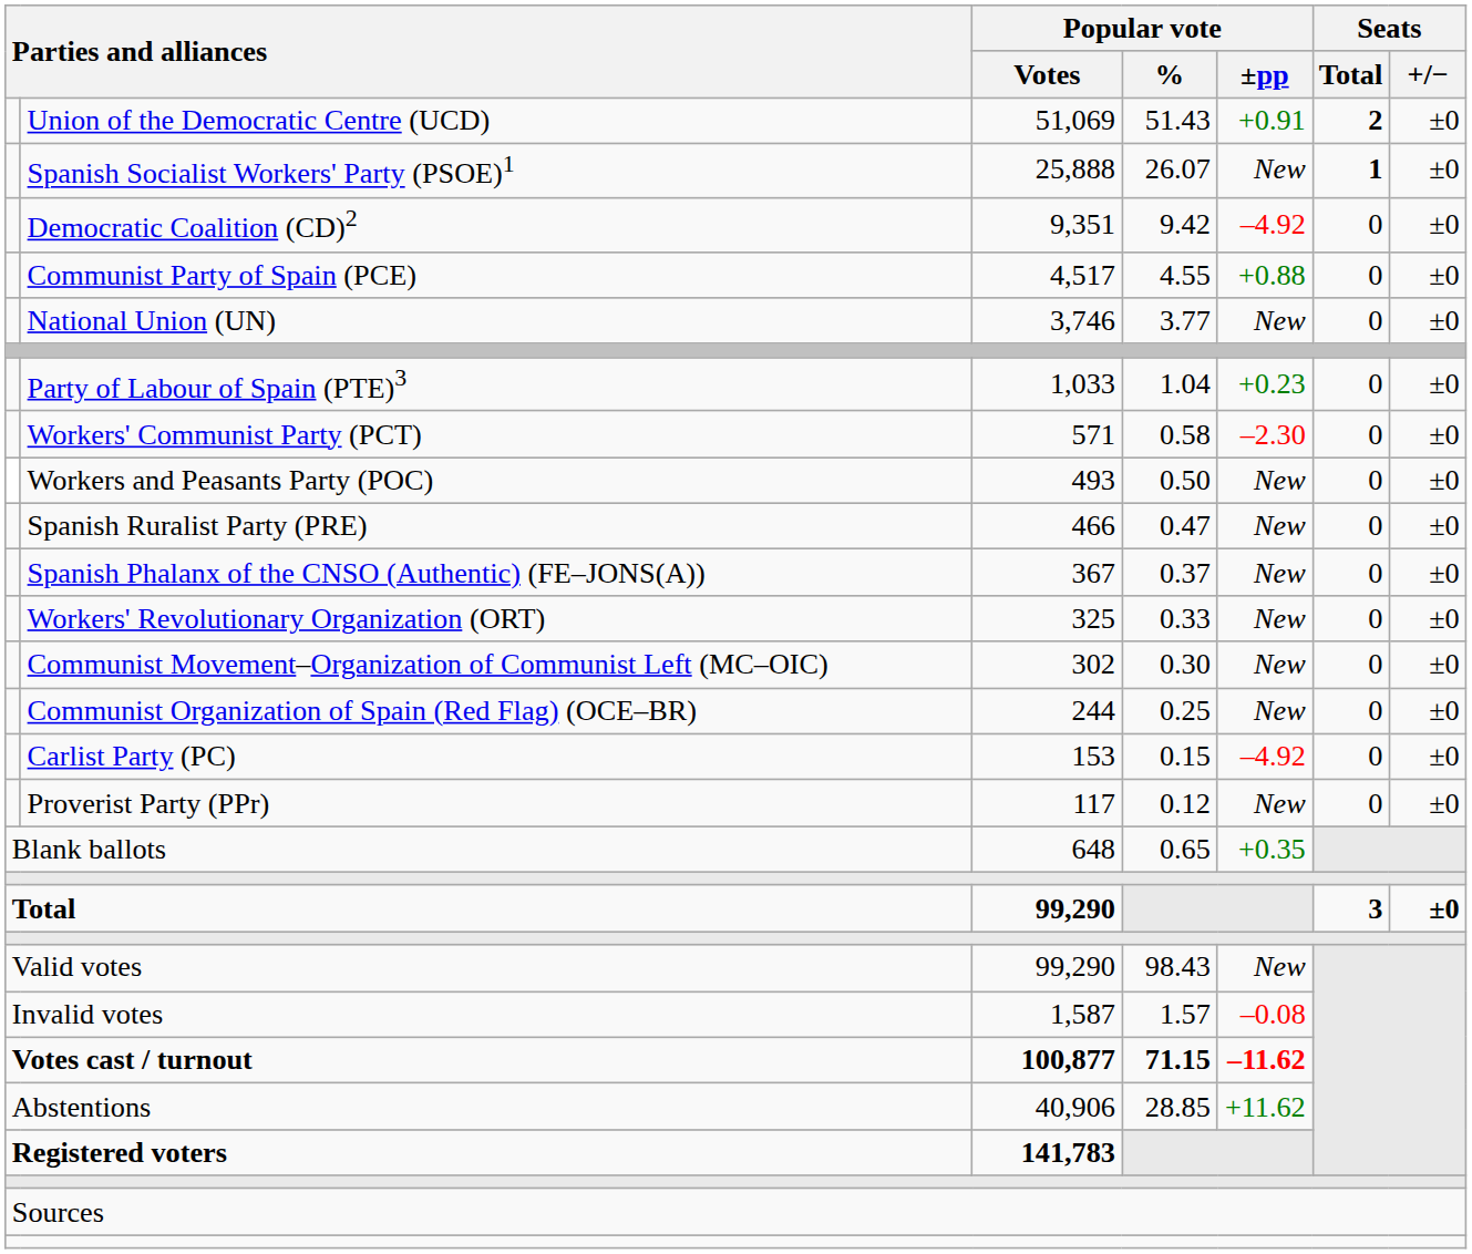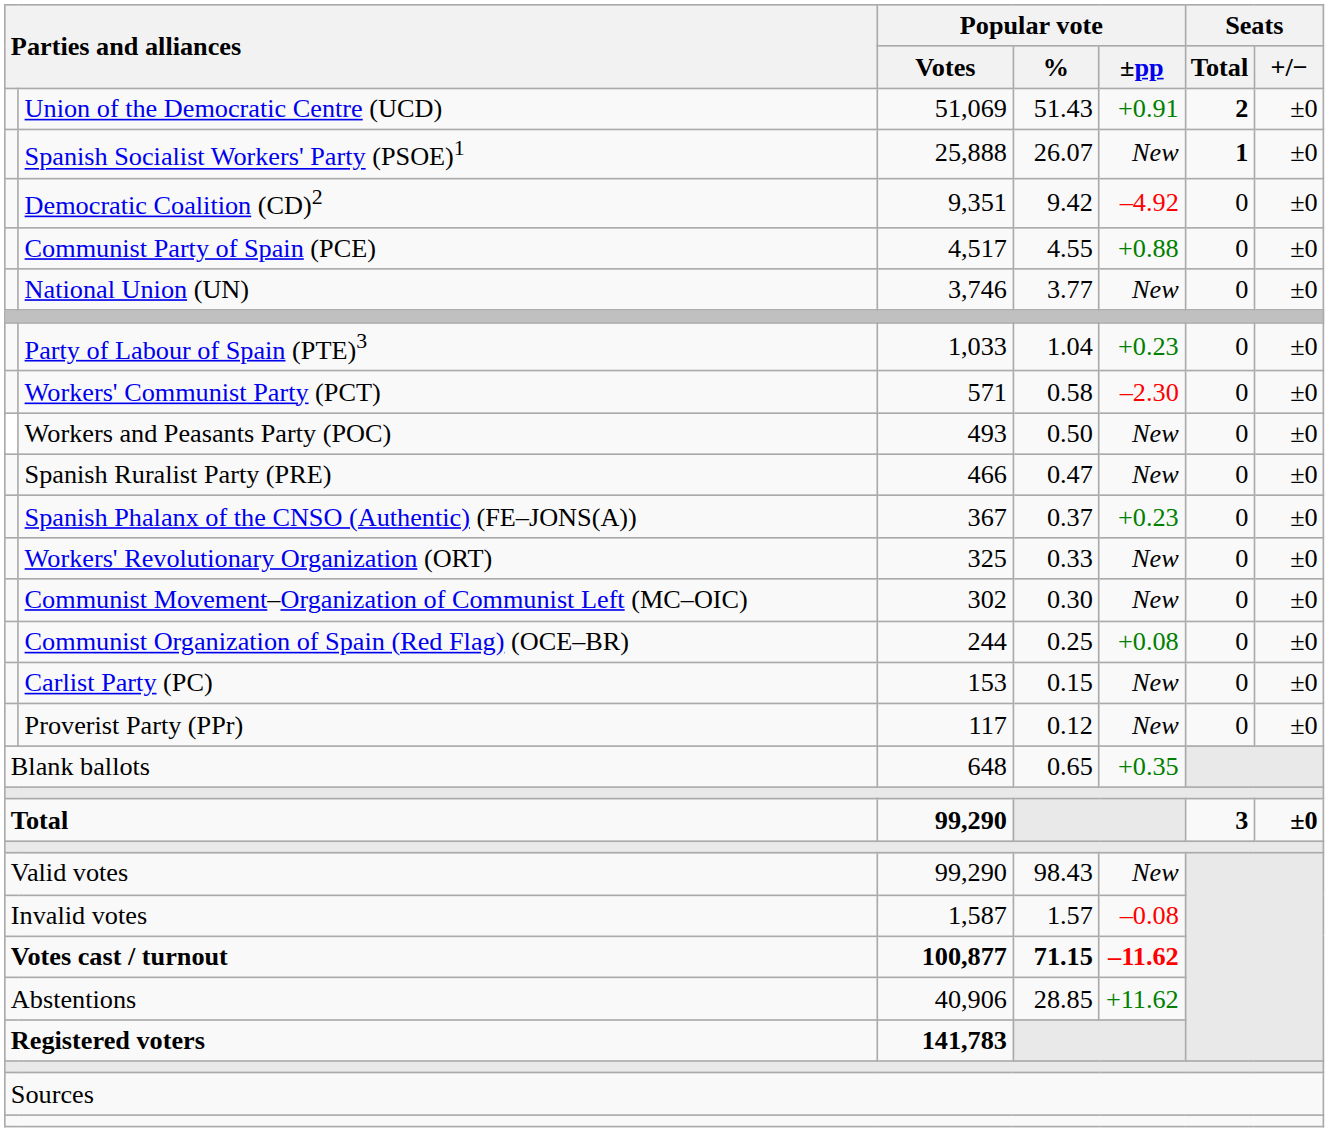 <table class="wikitable" style="text-align:right;">
 <tr>
 <th style="text-align:left;" rowspan="2" colspan="2" width="525">Parties and alliances</th>
 <th colspan="3">Popular vote</th>
 <th colspan="2">Seats</th>
 </tr>
 <tr>
 <th width="75">Votes</th>
 <th width="45">%</th>
 <th width="45">±<a href='#'>pp</a></th>
 <th width="35">Total</th>
 <th width="35">+/−</th>
 </tr>
 <tr>
 <td width="1" style="color:inherit;background:"></td>
 <td align="left"><a href='#'>Union of the Democratic Centre</a> (UCD)</td>
 <td>51,069</td>
 <td>51.43</td>
 <td style="color:green;">+0.91</td>
 <td><strong>2</strong></td>
 <td>±0</td>
 </tr>
 <tr>
 <td style="color:inherit;background:"></td>
 <td align="left"><a href='#'>Spanish Socialist Workers' Party</a> (PSOE)<sup>1</sup></td>
 <td>25,888</td>
 <td>26.07</td>
 <td><em>New</em></td>
 <td><strong>1</strong></td>
 <td>±0</td>
 </tr>
 <tr>
 <td style="color:inherit;background:"></td>
 <td align="left"><a href='#'>Democratic Coalition</a> (CD)<sup>2</sup></td>
 <td>9,351</td>
 <td>9.42</td>
 <td style="color:red;">–4.92</td>
 <td>0</td>
 <td>±0</td>
 </tr>
 <tr>
 <td style="color:inherit;background:"></td>
 <td align="left"><a href='#'>Communist Party of Spain</a> (PCE)</td>
 <td>4,517</td>
 <td>4.55</td>
 <td style="color:green;">+0.88</td>
 <td>0</td>
 <td>±0</td>
 </tr>
 <tr>
 <td style="color:inherit;background:"></td>
 <td align="left"><a href='#'>National Union</a> (UN)</td>
 <td>3,746</td>
 <td>3.77</td>
 <td><em>New</em></td>
 <td>0</td>
 <td>±0</td>
 </tr>
 <tr>
 <td colspan="7" bgcolor="#C0C0C0"></td>
 </tr>
 <tr>
 <td style="color:inherit;background:"></td>
 <td align="left"><a href='#'>Party of Labour of Spain</a> (PTE)<sup>3</sup></td>
 <td>1,033</td>
 <td>1.04</td>
 <td style="color:green;">+0.23</td>
 <td>0</td>
 <td>±0</td>
 </tr>
 <tr>
 <td style="color:inherit;background:"></td>
 <td align="left"><a href='#'>Workers' Communist Party</a> (PCT)</td>
 <td>571</td>
 <td>0.58</td>
 <td style="color:red;">–2.30</td>
 <td>0</td>
 <td>±0</td>
 </tr>
 <tr>
 <td bgcolor="white"></td>
 <td align="left">Workers and Peasants Party (POC)</td>
 <td>493</td>
 <td>0.50</td>
 <td><em>New</em></td>
 <td>0</td>
 <td>±0</td>
 </tr>
 <tr>
 <td style="color:inherit;background:"></td>
 <td align="left">Spanish Ruralist Party (PRE)</td>
 <td>466</td>
 <td>0.47</td>
 <td><em>New</em></td>
 <td>0</td>
 <td>±0</td>
 </tr>
 <tr>
 <td style="color:inherit;background:"></td>
 <td align="left"><a href='#'>Spanish Phalanx of the CNSO (Authentic)</a> (FE–JONS(A))</td>
 <td>367</td>
 <td>0.37</td>
-<td><em>New</em></td>
+<td style="color:green;">+0.23</td>
 <td>0</td>
 <td>±0</td>
 </tr>
 <tr>
 <td style="color:inherit;background:"></td>
 <td align="left"><a href='#'>Workers' Revolutionary Organization</a> (ORT)</td>
 <td>325</td>
 <td>0.33</td>
 <td><em>New</em></td>
 <td>0</td>
 <td>±0</td>
 </tr>
 <tr>
 <td style="color:inherit;background:"></td>
 <td align="left"><a href='#'>Communist Movement</a>–<a href='#'>Organization of Communist Left</a> (MC–OIC)</td>
 <td>302</td>
 <td>0.30</td>
 <td><em>New</em></td>
 <td>0</td>
 <td>±0</td>
 </tr>
 <tr>
 <td style="color:inherit;background:"></td>
 <td align="left"><a href='#'>Communist Organization of Spain (Red Flag)</a> (OCE–BR)</td>
 <td>244</td>
 <td>0.25</td>
-<td><em>New</em></td>
+<td style="color:green;">+0.08</td>
 <td>0</td>
 <td>±0</td>
 </tr>
 <tr>
 <td style="color:inherit;background:"></td>
 <td align="left"><a href='#'>Carlist Party</a> (PC)</td>
 <td>153</td>
 <td>0.15</td>
-<td style="color:red;">–4.92</td>
+<td><em>New</em></td>
 <td>0</td>
 <td>±0</td>
 </tr>
 <tr>
 <td style="color:inherit;background:"></td>
 <td align="left">Proverist Party (PPr)</td>
 <td>117</td>
 <td>0.12</td>
 <td><em>New</em></td>
 <td>0</td>
 <td>±0</td>
 </tr>
 <tr>
 <td align="left" colspan="2">Blank ballots</td>
 <td>648</td>
 <td>0.65</td>
 <td style="color:green;">+0.35</td>
 <td bgcolor="#E9E9E9" colspan="2"></td>
 </tr>
 <tr>
 <td colspan="7" bgcolor="#E9E9E9"></td>
 </tr>
 <tr style="font-weight:bold;">
 <td align="left" colspan="2">Total</td>
 <td>99,290</td>
 <td bgcolor="#E9E9E9" colspan="2"></td>
 <td>3</td>
 <td>±0</td>
 </tr>
 <tr>
 <td colspan="7" bgcolor="#E9E9E9"></td>
 </tr>
 <tr>
 <td align="left" colspan="2">Valid votes</td>
 <td>99,290</td>
 <td>98.43</td>
 <td><em>New</em></td>
 <td bgcolor="#E9E9E9" colspan="2" rowspan="5"></td>
 </tr>
 <tr>
 <td align="left" colspan="2">Invalid votes</td>
 <td>1,587</td>
 <td>1.57</td>
 <td style="color:red;">–0.08</td>
 </tr>
 <tr style="font-weight:bold;">
 <td align="left" colspan="2">Votes cast / turnout</td>
 <td>100,877</td>
 <td>71.15</td>
 <td style="color:red;">–11.62</td>
 </tr>
 <tr>
 <td align="left" colspan="2">Abstentions</td>
 <td>40,906</td>
 <td>28.85</td>
 <td style="color:green;">+11.62</td>
 </tr>
 <tr style="font-weight:bold;">
 <td align="left" colspan="2">Registered voters</td>
 <td>141,783</td>
 <td bgcolor="#E9E9E9" colspan="2"></td>
 </tr>
 <tr>
 <td colspan="7" bgcolor="#E9E9E9"></td>
 </tr>
 <tr>
 <td align="left" colspan="7">Sources</td>
 </tr>
 <tr>
 <td colspan="7" style="text-align:left; max-width:790px;"></td>
 </tr>
 </table>
